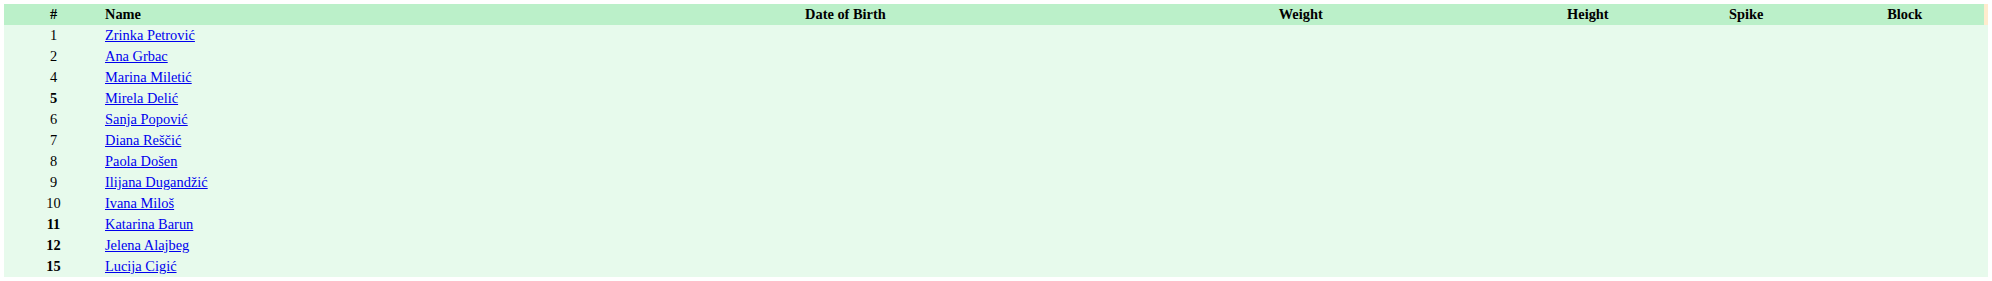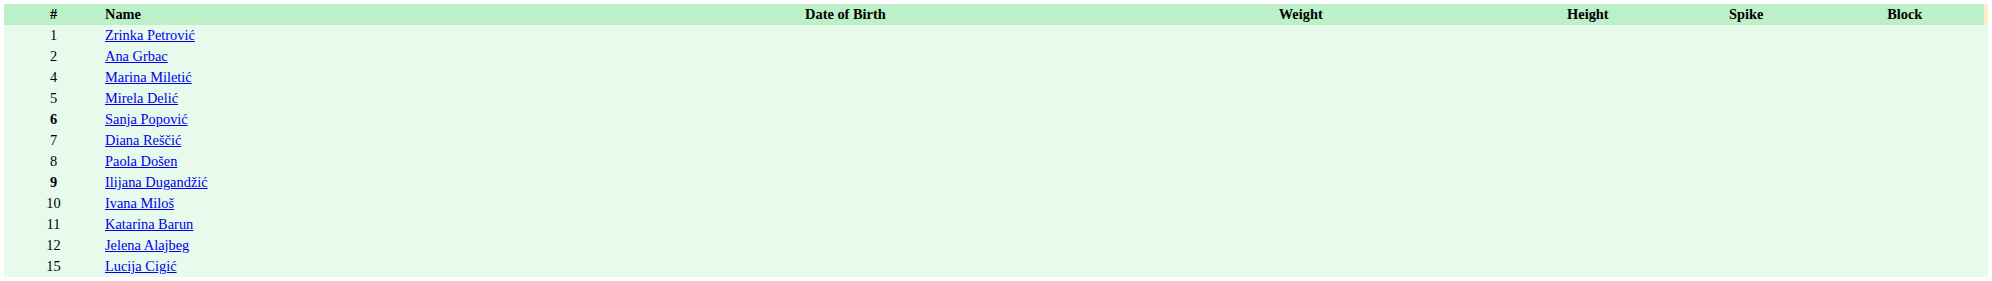 <table border=0 cellpadding=2 cellspacing=0  |- bgcolor=#FFECCE style="text-align:center; font-size:90%;" width=100%>
 <tr bgcolor=#BBF0C9>
 <th width=5%>#</th>
 <th width=25% align=left>Name</th>
 <th width=25%>Date of Birth</th>
 <th width=21%>Weight</th>
 <th width=8%>Height</th>
 <th width=8%>Spike</th>
 <th width=8%>Block</th>
 </tr>
 <tr bgcolor=#E7FAEC>
 <td>1</td>
 <td align=left><a href='#'>Zrinka Petrović</a></td>
 <td></td>
 <td></td>
 <td></td>
 <td></td>
 <td></td>
 <td></td>
 </tr>
 <tr bgcolor=#E7FAEC>
 <td>2</td>
 <td align=left><a href='#'>Ana Grbac</a></td>
 <td></td>
 <td></td>
 <td></td>
 <td></td>
 <td></td>
 <td></td>
 </tr>
 <tr bgcolor=#E7FAEC>
 <td>4</td>
 <td align=left><a href='#'>Marina Miletić</a></td>
 <td></td>
 <td></td>
 <td></td>
 <td></td>
 <td></td>
 <td></td>
 </tr>
 <tr bgcolor=#E7FAEC>
-<td><strong>5</strong></td>
+<td>5</td>
 <td align=left><a href='#'>Mirela Delić</a></td>
 <td></td>
 <td></td>
 <td></td>
 <td></td>
 <td></td>
 <td></td>
 </tr>
 <tr bgcolor=#E7FAEC>
-<td>6</td>
+<td><strong>6</strong></td>
 <td align=left><a href='#'>Sanja Popović</a></td>
 <td></td>
 <td></td>
 <td></td>
 <td></td>
 <td></td>
 <td></td>
 </tr>
 <tr bgcolor=#E7FAEC>
 <td>7</td>
 <td align=left><a href='#'>Diana Reščić</a></td>
 <td></td>
 <td></td>
 <td></td>
 <td></td>
 <td></td>
 <td></td>
 </tr>
 <tr bgcolor=#E7FAEC>
 <td>8</td>
 <td align=left><a href='#'>Paola Došen</a></td>
 <td></td>
 <td></td>
 <td></td>
 <td></td>
 <td></td>
 <td></td>
 </tr>
 <tr bgcolor=#E7FAEC>
-<td>9</td>
+<td><strong>9</strong></td>
 <td align=left><a href='#'>Ilijana Dugandžić</a></td>
 <td></td>
 <td></td>
 <td></td>
 <td></td>
 <td></td>
 <td></td>
 </tr>
 <tr bgcolor=#E7FAEC>
 <td>10</td>
 <td align=left><a href='#'>Ivana Miloš</a></td>
 <td></td>
 <td></td>
 <td></td>
 <td></td>
 <td></td>
 <td></td>
 </tr>
 <tr bgcolor=#E7FAEC>
-<td><strong>11</strong></td>
+<td>11</td>
 <td align=left><a href='#'>Katarina Barun</a></td>
 <td></td>
 <td></td>
 <td></td>
 <td></td>
 <td></td>
 <td></td>
 </tr>
 <tr bgcolor=#E7FAEC>
-<td><strong>12</strong></td>
+<td>12</td>
 <td align=left><a href='#'>Jelena Alajbeg</a></td>
 <td></td>
 <td></td>
 <td></td>
 <td></td>
 <td></td>
 <td></td>
 </tr>
 <tr bgcolor=#E7FAEC>
-<td><strong>15</strong></td>
+<td>15</td>
 <td align=left><a href='#'>Lucija Cigić</a></td>
 <td></td>
 <td></td>
 <td></td>
 <td></td>
 <td></td>
 <td></td>
 </tr>
 </table>
